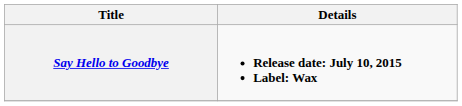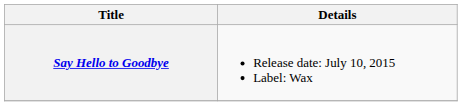 <table class="wikitable plainrowheaders">
 <tr>
 <th style="width:16em;">Title</th>
 <th style="width:18em;">Details</th>
 </tr>
 <tr>
 <th scope="row"><em><a href='#'>Say Hello to Goodbye</a></em></th>
-<td><strong><br><ul><li>Release date: July 10, 2015</li><li>Label: Wax</li></ul></strong></td>
+<td><br><ul><li>Release date: July 10, 2015</li><li>Label: Wax</li></ul></td>
 </tr>
 <tr>
 </tr>
 </table>
